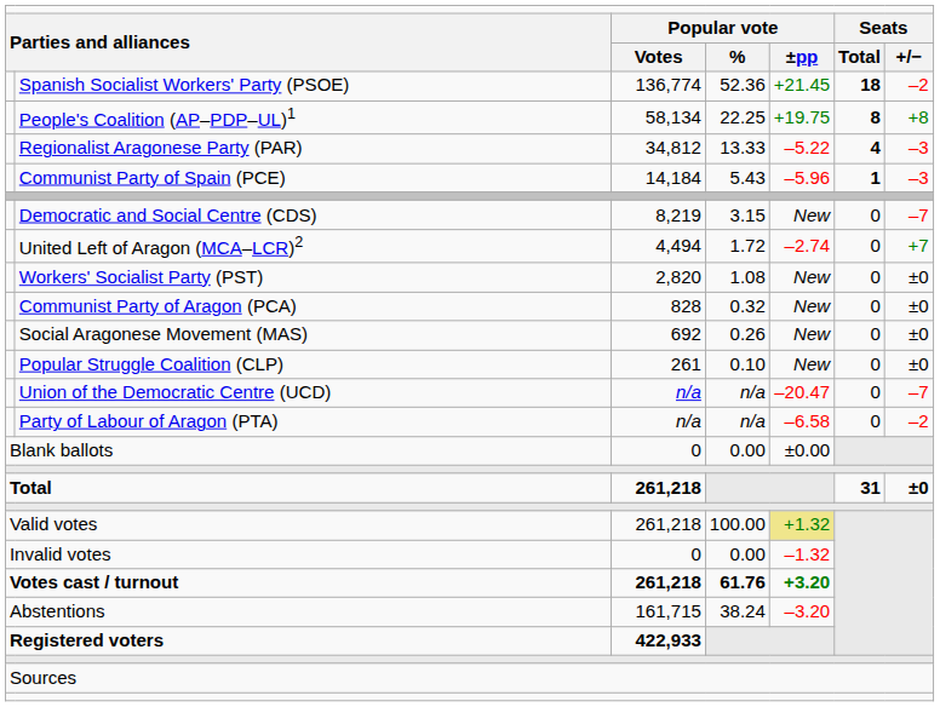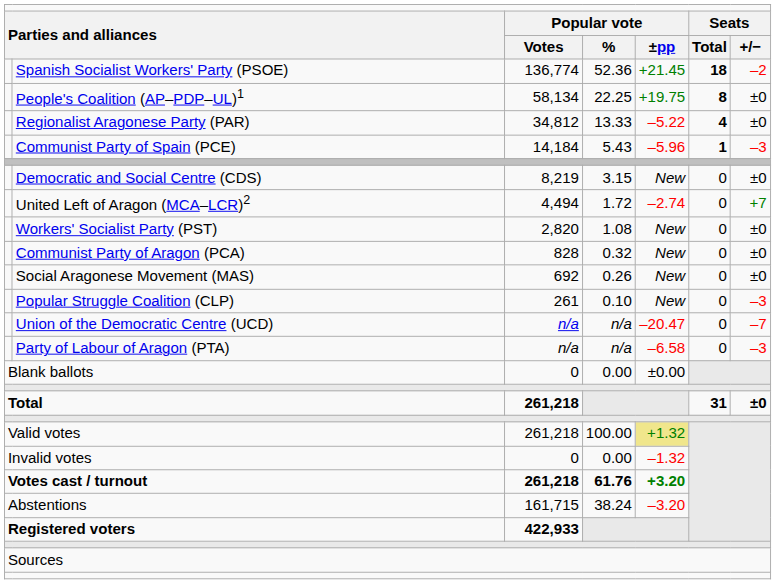 <table class="wikitable" style="text-align:right;">
 <tr>
 <td colspan="7"></td>
 </tr>
 <tr>
 <th style="text-align:left;" rowspan="2" colspan="2" width="525">Parties and alliances</th>
 <th colspan="3">Popular vote</th>
 <th colspan="2">Seats</th>
 </tr>
 <tr>
 <th width="75">Votes</th>
 <th width="45">%</th>
 <th width="45">±<a href='#'>pp</a></th>
 <th width="35">Total</th>
 <th width="35">+/−</th>
 </tr>
 <tr>
 <td width="1" style="color:inherit;background:"></td>
 <td align="left"><a href='#'>Spanish Socialist Workers' Party</a> (PSOE)</td>
 <td>136,774</td>
 <td>52.36</td>
 <td style="color:green;">+21.45</td>
 <td><strong>18</strong></td>
 <td style="color:red;">–2</td>
 </tr>
 <tr>
 <td style="color:inherit;background:"></td>
 <td align="left"><a href='#'>People's Coalition</a> (<a href='#'>AP</a>–<a href='#'>PDP</a>–<a href='#'>UL</a>)<sup>1</sup></td>
 <td>58,134</td>
 <td>22.25</td>
 <td style="color:green;">+19.75</td>
 <td><strong>8</strong></td>
-<td style="color:green;">+8</td>
+<td>±0</td>
 </tr>
 <tr>
 <td style="color:inherit;background:"></td>
 <td align="left"><a href='#'>Regionalist Aragonese Party</a> (PAR)</td>
 <td>34,812</td>
 <td>13.33</td>
 <td style="color:red;">–5.22</td>
 <td><strong>4</strong></td>
-<td style="color:red;">–3</td>
+<td>±0</td>
 </tr>
 <tr>
 <td style="color:inherit;background:"></td>
 <td align="left"><a href='#'>Communist Party of Spain</a> (PCE)</td>
 <td>14,184</td>
 <td>5.43</td>
 <td style="color:red;">–5.96</td>
 <td><strong>1</strong></td>
 <td style="color:red;">–3</td>
 </tr>
 <tr>
 <td colspan="7" bgcolor="#C0C0C0"></td>
 </tr>
 <tr>
 <td style="color:inherit;background:"></td>
 <td align="left"><a href='#'>Democratic and Social Centre</a> (CDS)</td>
 <td>8,219</td>
 <td>3.15</td>
 <td><em>New</em></td>
 <td>0</td>
-<td style="color:red;">–7</td>
+<td>±0</td>
 </tr>
 <tr>
 <td style="color:inherit;background:"></td>
 <td align="left">United Left of Aragon (<a href='#'>MCA</a>–<a href='#'>LCR</a>)<sup>2</sup></td>
 <td>4,494</td>
 <td>1.72</td>
 <td style="color:red;">–2.74</td>
 <td>0</td>
 <td style="color:green;">+7</td>
 </tr>
 <tr>
 <td style="color:inherit;background:"></td>
 <td align="left"><a href='#'>Workers' Socialist Party</a> (PST)</td>
 <td>2,820</td>
 <td>1.08</td>
 <td><em>New</em></td>
 <td>0</td>
 <td>±0</td>
 </tr>
 <tr>
 <td style="color:inherit;background:"></td>
 <td align="left"><a href='#'>Communist Party of Aragon</a> (PCA)</td>
 <td>828</td>
 <td>0.32</td>
 <td><em>New</em></td>
 <td>0</td>
 <td>±0</td>
 </tr>
 <tr>
 <td style="color:inherit;background:"></td>
 <td align="left">Social Aragonese Movement (MAS)</td>
 <td>692</td>
 <td>0.26</td>
 <td><em>New</em></td>
 <td>0</td>
 <td>±0</td>
 </tr>
 <tr>
 <td style="color:inherit;background:"></td>
 <td align="left"><a href='#'>Popular Struggle Coalition</a> (CLP)</td>
 <td>261</td>
 <td>0.10</td>
 <td><em>New</em></td>
 <td>0</td>
-<td>±0</td>
+<td style="color:red;">–3</td>
 </tr>
 <tr>
 <td style="color:inherit;background:"></td>
 <td align="left"><a href='#'>Union of the Democratic Centre</a> (UCD)</td>
 <td><em><a href='#'>n/a</a></em></td>
 <td><em>n/a</em></td>
 <td style="color:red;">–20.47</td>
 <td>0</td>
 <td style="color:red;">–7</td>
 </tr>
 <tr>
 <td style="color:inherit;background:"></td>
 <td align="left"><a href='#'>Party of Labour of Aragon</a> (PTA)</td>
 <td><em>n/a</em></td>
 <td><em>n/a</em></td>
 <td style="color:red;">–6.58</td>
 <td>0</td>
-<td style="color:red;">–2</td>
+<td style="color:red;">–3</td>
 </tr>
 <tr>
 <td align="left" colspan="2">Blank ballots</td>
 <td>0</td>
 <td>0.00</td>
 <td>±0.00</td>
 <td bgcolor="#E9E9E9" colspan="2"></td>
 </tr>
 <tr>
 <td colspan="7" bgcolor="#E9E9E9"></td>
 </tr>
 <tr style="font-weight:bold;">
 <td align="left" colspan="2">Total</td>
 <td>261,218</td>
 <td bgcolor="#E9E9E9" colspan="2"></td>
 <td>31</td>
 <td>±0</td>
 </tr>
 <tr>
 <td colspan="7" bgcolor="#E9E9E9"></td>
 </tr>
 <tr>
 <td align="left" colspan="2">Valid votes</td>
 <td>261,218</td>
 <td>100.00</td>
 <td style="background: khaki; color:green;">+1.32</td>
 <td bgcolor="#E9E9E9" colspan="2" rowspan="5"></td>
 </tr>
 <tr>
 <td align="left" colspan="2">Invalid votes</td>
 <td>0</td>
 <td>0.00</td>
 <td style="color:red;">–1.32</td>
 </tr>
 <tr style="font-weight:bold;">
 <td align="left" colspan="2">Votes cast / turnout</td>
 <td>261,218</td>
 <td>61.76</td>
 <td style="color:green;">+3.20</td>
 </tr>
 <tr>
 <td align="left" colspan="2">Abstentions</td>
 <td>161,715</td>
 <td>38.24</td>
 <td style="color:red;">–3.20</td>
 </tr>
 <tr style="font-weight:bold;">
 <td align="left" colspan="2">Registered voters</td>
 <td>422,933</td>
 <td bgcolor="#E9E9E9" colspan="2"></td>
 </tr>
 <tr>
 <td colspan="7" bgcolor="#E9E9E9"></td>
 </tr>
 <tr>
 <td align="left" colspan="7">Sources</td>
 </tr>
 <tr>
 <td colspan="7" style="text-align:left; max-width:790px;"></td>
 </tr>
 </table>
